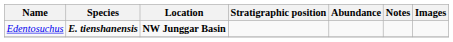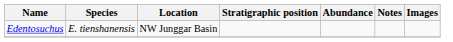 <table class="wikitable" align="center">
 <tr>
 <th>Name</th>
 <th>Species</th>
 <th>Location</th>
 <th>Stratigraphic position</th>
 <th>Abundance</th>
 <th>Notes</th>
 <th>Images</th>
 </tr>
 <tr>
 <td><em><a href='#'>Edentosuchus</a></em></td>
-<td><strong><em>E. tienshanensis</em></strong></td>
-<td><strong>NW Junggar Basin</strong></td>
+<td><em>E. tienshanensis</em></td>
+<td>NW Junggar Basin</td>
 <td></td>
 <td></td>
 <td></td>
 <td></td>
 </tr>
 <tr>
 </tr>
 </table>
